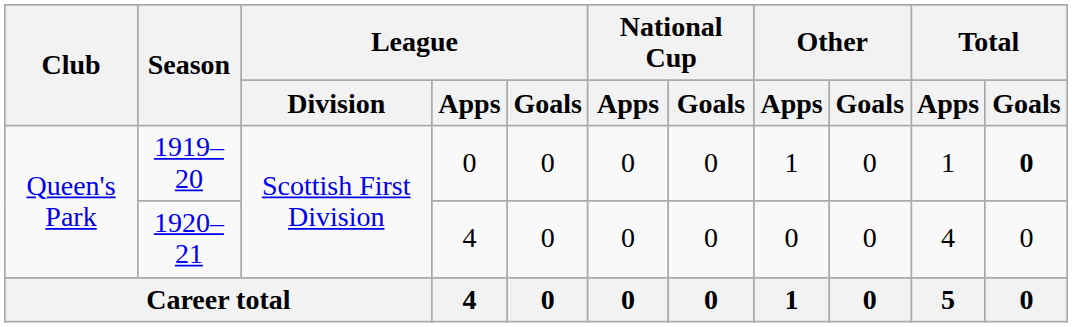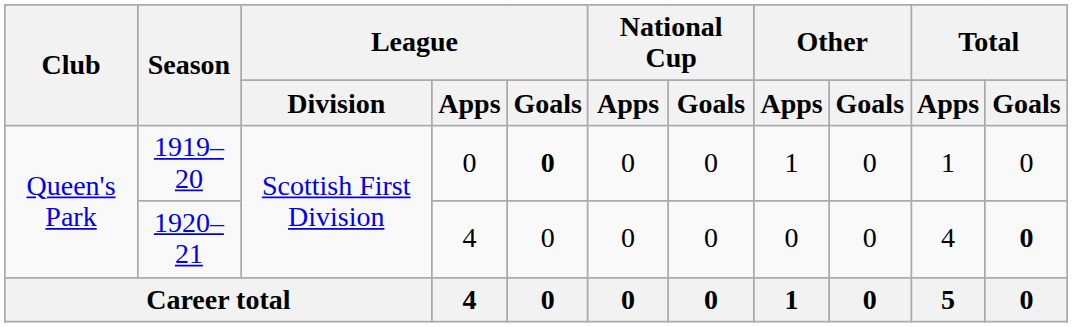 <table class="wikitable" style="text-align: center;">
 <tr>
 <th rowspan="2">Club</th>
 <th rowspan="2">Season</th>
 <th colspan="3">League</th>
 <th colspan="2">National Cup</th>
 <th colspan="2">Other</th>
 <th colspan="2">Total</th>
 </tr>
 <tr>
 <th>Division</th>
 <th>Apps</th>
 <th>Goals</th>
 <th>Apps</th>
 <th>Goals</th>
 <th>Apps</th>
 <th>Goals</th>
 <th>Apps</th>
 <th>Goals</th>
 </tr>
 <tr>
 <td rowspan="2"><a href='#'>Queen's Park</a></td>
 <td><a href='#'>1919–20</a></td>
 <td rowspan="2"><a href='#'>Scottish First Division</a></td>
 <td>0</td>
-<td>0</td>
+<td><strong>0</strong></td>
 <td>0</td>
 <td>0</td>
 <td>1</td>
 <td>0</td>
 <td>1</td>
-<td><strong>0</strong></td>
+<td>0</td>
 </tr>
 <tr>
 <td><a href='#'>1920–21</a></td>
 <td>4</td>
 <td>0</td>
 <td>0</td>
 <td>0</td>
 <td>0</td>
 <td>0</td>
 <td>4</td>
-<td>0</td>
+<td><strong>0</strong></td>
 </tr>
 <tr>
 <th colspan="3">Career total</th>
 <th>4</th>
 <th>0</th>
 <th>0</th>
 <th>0</th>
 <th>1</th>
 <th>0</th>
 <th>5</th>
 <th>0</th>
 </tr>
 </table>
